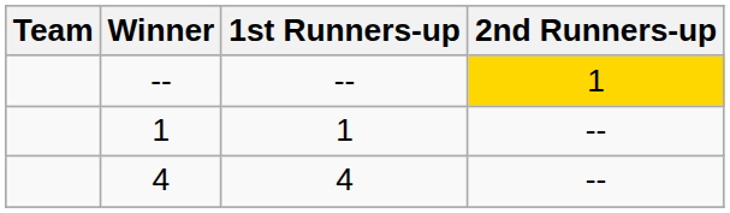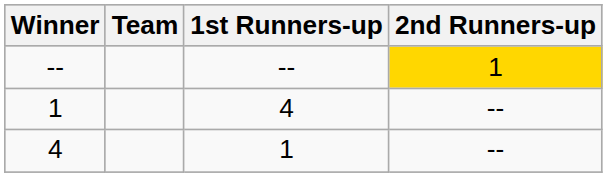 <table class="wikitable" style="text-align:center">
 <tr>
+<th>Winner</th>
 <th>Team</th>
-<th>Winner</th>
 <th>1st Runners-up</th>
 <th>2nd Runners-up</th>
 </tr>
 <tr>
+<td>--</td>
 <td align=left></td>
-<td>--</td>
 <td>--</td>
 <td style="background: gold;">1</td>
 </tr>
 <tr>
+<td>1</td>
 <td align=left></td>
-<td>1</td>
+<td>4</td>
+<td>--</td>
+</tr>
+<tr>
+<td>4</td>
+<td align=left></td>
 <td>1</td>
 <td>--</td>
 </tr>
-<tr>
-<td align=left></td>
-<td>4</td>
-<td>4</td>
-<td>--</td>
-</tr>
 </table>
